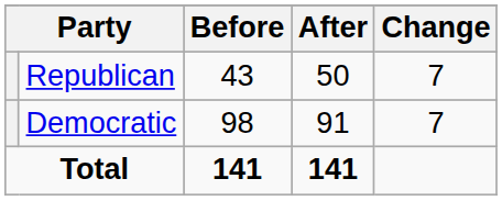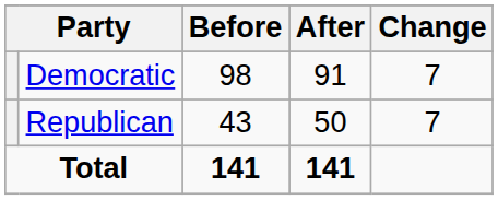 <table class="wikitable" style="text-align:center;">
 <tr>
 </tr>
 <tr>
 <th colspan=2>Party</th>
 <th>Before</th>
 <th>After</th>
 <th>Change</th>
 </tr>
 <tr>
 <th style="background-color:"></th>
-<td style="text-align:left;"><a href='#'>Republican</a></td>
-<td>43</td>
-<td>50</td>
+<td style="text-align:left;"><a href='#'>Democratic</a></td>
+<td>98</td>
+<td>91</td>
 <td> 7</td>
 </tr>
 <tr>
 <th style="background-color:"></th>
-<td style="text-align:left;"><a href='#'>Democratic</a></td>
-<td>98</td>
-<td>91</td>
+<td style="text-align:left;"><a href='#'>Republican</a></td>
+<td>43</td>
+<td>50</td>
 <td> 7</td>
 </tr>
 <tr>
 <td colspan=2><strong>Total</strong></td>
 <td><strong>141</strong></td>
 <td><strong>141</strong></td>
 <td></td>
 </tr>
 </table>
